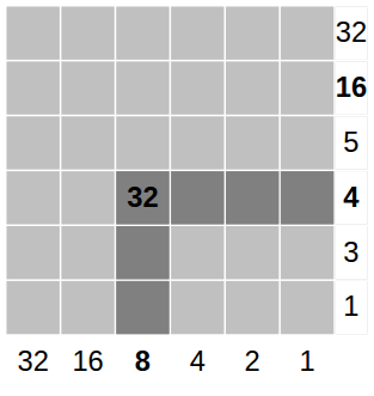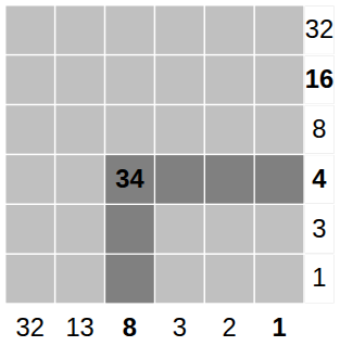 <table border="0" cellpadding="0" cellspacing="1" style="text-align:center; background-color: white; color: black;">
 <tr style="height:30px; background-color: silver;">
 <td style="width:30px;"> </td>
 <td style="width:30px;"> </td>
 <td style="width:30px;"> </td>
 <td style="width:30px;"> </td>
 <td style="width:30px;"> </td>
 <td style="width:30px;"> </td>
 <td style="background-color: white;">32</td>
 </tr>
 <tr style="height:30px; background-color: silver;">
 <td style="width:30px;"> </td>
 <td style="width:30px;"> </td>
 <td style="width:30px;"> </td>
 <td style="width:30px;"> </td>
 <td style="width:30px;"> </td>
 <td style="width:30px;"> </td>
 <td style="background-color: white;"><strong>16</strong></td>
 </tr>
 <tr style="height:30px; background-color: silver;">
 <td style="width:30px;"> </td>
 <td style="width:30px;"> </td>
 <td style="width:30px;"> </td>
 <td style="width:30px;"> </td>
 <td style="width:30px;"> </td>
 <td style="width:30px;"> </td>
-<td style="background-color: white;">5</td>
+<td style="background-color: white;">8</td>
 </tr>
 <tr style="height:30px; background-color: silver;">
 <td style="width:30px;"> </td>
 <td style="width:30px;"> </td>
-<td style="width:30px;background-color: gray;"><strong>32</strong></td>
+<td style="width:30px;background-color: gray;"><strong>34</strong></td>
 <td style="width:30px;background-color: gray;"> </td>
 <td style="width:30px;background-color: gray;"> </td>
 <td style="width:30px;background-color: gray;"> </td>
 <td style="background-color: white;"><strong>4</strong></td>
 </tr>
 <tr style="height:30px; background-color: silver;">
 <td style="width:30px;"> </td>
 <td style="width:30px;"> </td>
 <td style="width:30px;background-color: gray;"> </td>
 <td style="width:30px;"> </td>
 <td style="width:30px;"> </td>
 <td style="width:30px;"> </td>
 <td style="background-color: white;">3</td>
 </tr>
 <tr style="height:30px; background-color: silver;">
 <td style="width:30px;"> </td>
 <td style="width:30px;"> </td>
 <td style="width:30px;background-color:gray;"> </td>
 <td style="width:30px;"> </td>
 <td style="width:30px;"> </td>
 <td style="width:30px;"> </td>
 <td style="background-color: white;">1</td>
 </tr>
 <tr style="height:30px; background-color:white; color: black;">
 <td style="width:30px;">32</td>
-<td style="width:30px;">16</td>
+<td style="width:30px;">13</td>
 <td style="width:30px;"><strong>8</strong></td>
-<td style="width:30px;">4</td>
+<td style="width:30px;">3</td>
 <td style="width:30px;">2</td>
-<td style="width:30px;">1</td>
+<td style="width:30px;"><strong>1</strong></td>
 </tr>
 </table>
